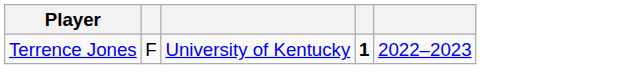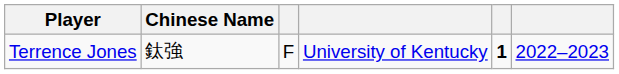 <table class="wikitable sortable" style="font-size:95%; text-align:right;">
 <tr>
 <th>Player</th>
+<th>Chinese Name</th>
 <th></th>
 <th></th>
 <th></th>
 <th></th>
 </tr>
 <tr>
 <td align="left"><a href='#'>Terrence Jones</a></td>
+<td align="left">鈦強</td>
 <td align="center">F</td>
 <td align="left"><a href='#'>University of Kentucky</a></td>
 <td align="center"><strong>1</strong></td>
 <td align="center"><a href='#'>2022–2023</a></td>
 </tr>
 </table>
